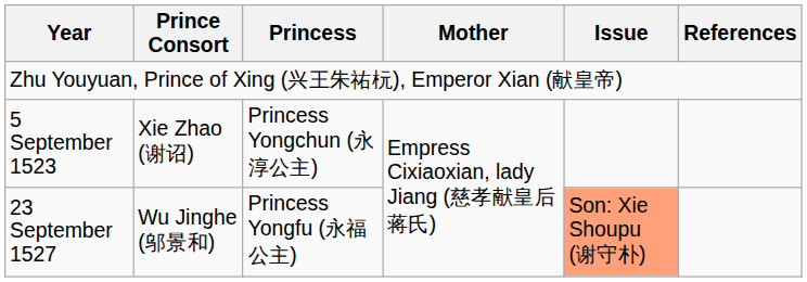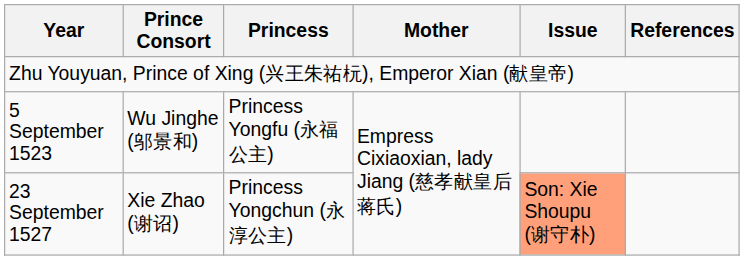 <table class="wikitable">
 <tr>
 <th>Year</th>
 <th>Prince Consort</th>
 <th>Princess</th>
 <th>Mother</th>
 <th>Issue</th>
 <th>References</th>
 </tr>
 <tr>
 <td colspan="6">Zhu Youyuan, Prince of Xing (兴王朱祐杬), Emperor Xian (献皇帝)</td>
 </tr>
 <tr>
 <td>5 September 1523</td>
-<td>Xie Zhao (谢诏)</td>
-<td>Princess Yongchun (永淳公主)</td>
+<td>Wu Jinghe (邬景和)</td>
+<td>Princess Yongfu (永福公主)</td>
 <td rowspan="2">Empress Cixiaoxian, lady Jiang (慈孝献皇后蒋氏)</td>
 <td></td>
 <td></td>
 </tr>
 <tr>
 <td>23 September 1527</td>
-<td>Wu Jinghe (邬景和)</td>
-<td>Princess Yongfu (永福公主)</td>
+<td>Xie Zhao (谢诏)</td>
+<td>Princess Yongchun (永淳公主)</td>
 <td style="background: lightsalmon;">Son: Xie Shoupu (谢守朴)</td>
 <td></td>
 </tr>
 </table>
